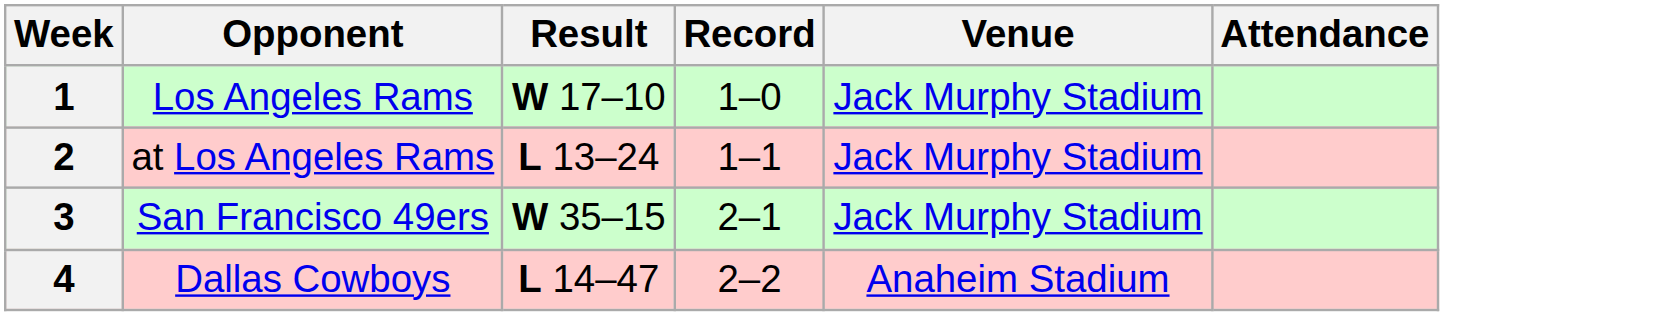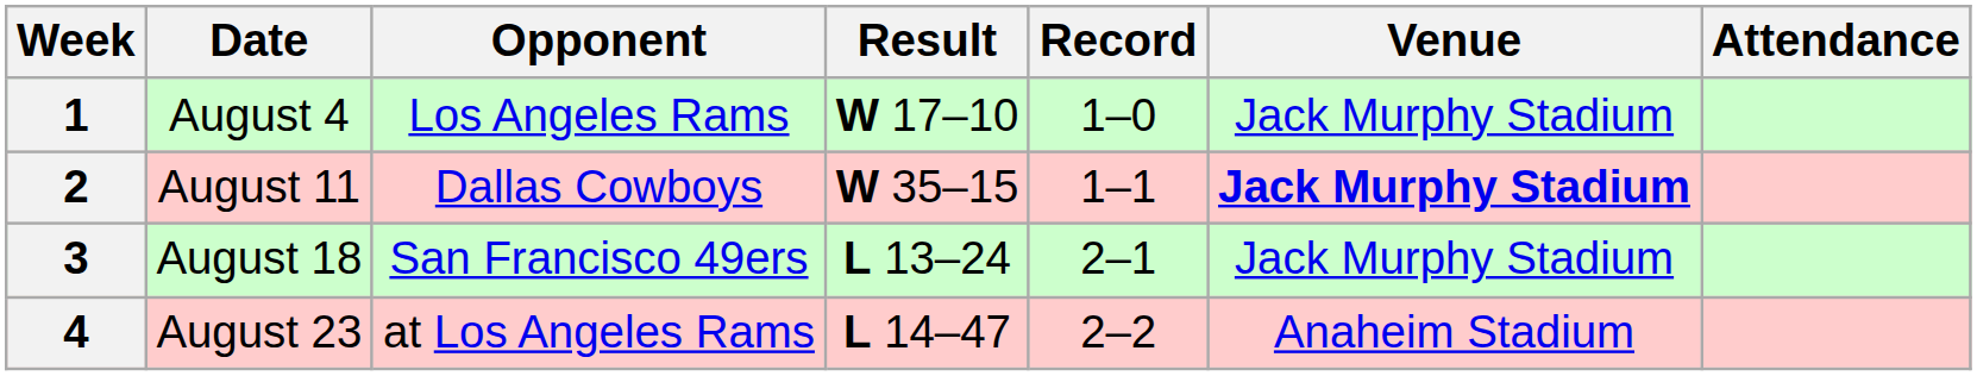 <table class="wikitable" style="text-align:center">
 <tr>
 <th>Week</th>
+<th>Date</th>
 <th>Opponent</th>
 <th>Result</th>
 <th>Record</th>
 <th>Venue</th>
 <th>Attendance</th>
 </tr>
 <tr style="background:#cfc">
 <th>1</th>
+<td>August 4</td>
 <td><a href='#'>Los Angeles Rams</a></td>
 <td><strong>W</strong> 17–10</td>
 <td>1–0</td>
 <td><a href='#'>Jack Murphy Stadium</a></td>
 <td></td>
 </tr>
 <tr style="background:#fcc">
 <th>2</th>
-<td>at <a href='#'>Los Angeles Rams</a></td>
-<td><strong>L</strong> 13–24</td>
+<td>August 11</td>
+<td><a href='#'>Dallas Cowboys</a></td>
+<td><strong>W</strong> 35–15</td>
 <td>1–1</td>
-<td><a href='#'>Jack Murphy Stadium</a></td>
+<td><strong><a href='#'>Jack Murphy Stadium</a></strong></td>
 <td></td>
 </tr>
 <tr style="background:#cfc">
 <th>3</th>
+<td>August 18</td>
 <td><a href='#'>San Francisco 49ers</a></td>
-<td><strong>W</strong> 35–15</td>
+<td><strong>L</strong> 13–24</td>
 <td>2–1</td>
 <td><a href='#'>Jack Murphy Stadium</a></td>
 <td></td>
 </tr>
 <tr style="background:#fcc">
 <th>4</th>
-<td><a href='#'>Dallas Cowboys</a></td>
+<td>August 23</td>
+<td>at <a href='#'>Los Angeles Rams</a></td>
 <td><strong>L</strong> 14–47</td>
 <td>2–2</td>
 <td><a href='#'>Anaheim Stadium</a></td>
 <td></td>
 </tr>
 </table>
